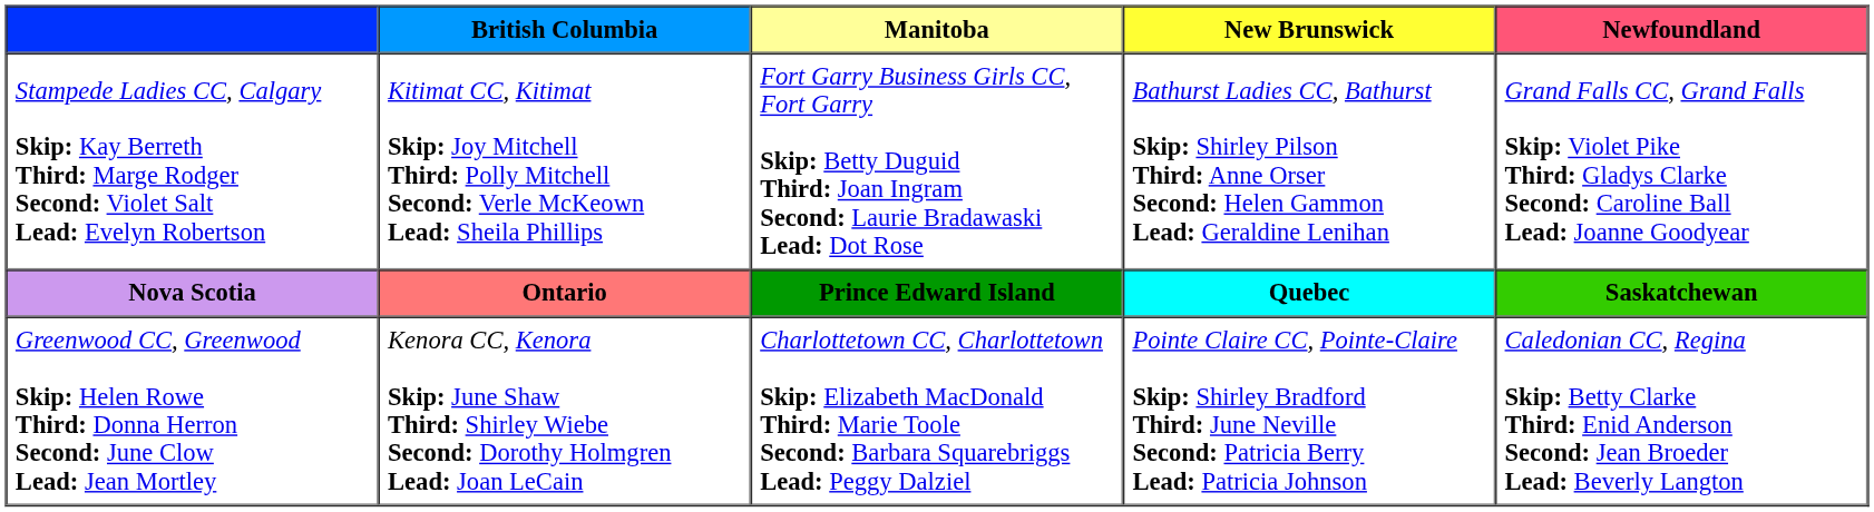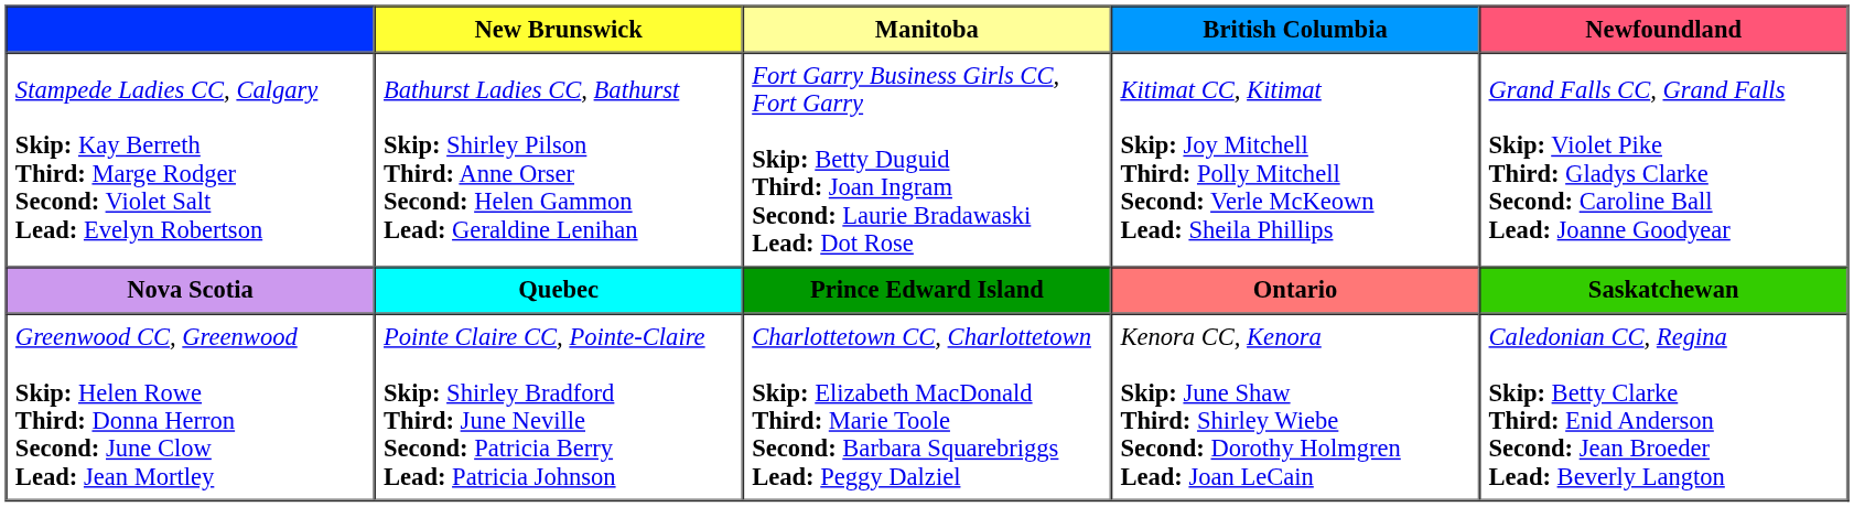 <table border=1 cellpadding=5 cellspacing=0>
 <tr>
 <th bgcolor="#0033ff" width="225"></th>
+<th bgcolor="#ffff33" width="225">New Brunswick</th>
+<th bgcolor="#ffff99" width="225">Manitoba</th>
 <th bgcolor="#0099ff" width="225">British Columbia</th>
-<th bgcolor="#ffff99" width="225">Manitoba</th>
-<th bgcolor="#ffff33" width="225">New Brunswick</th>
 <th bgcolor="#ff5577" width="225">Newfoundland</th>
 </tr>
 <tr>
 <td><em><a href='#'>Stampede Ladies CC</a>, <a href='#'>Calgary</a></em> <br><br><strong>Skip:</strong> <a href='#'>Kay Berreth</a> <br> <strong>Third:</strong> <a href='#'>Marge Rodger</a> <br> <strong>Second:</strong> <a href='#'>Violet Salt</a> <br> <strong>Lead:</strong> <a href='#'>Evelyn Robertson</a></td>
+<td><em><a href='#'>Bathurst Ladies CC</a>, <a href='#'>Bathurst</a></em> <br><br><strong>Skip:</strong> <a href='#'>Shirley Pilson</a> <br> <strong>Third:</strong> <a href='#'>Anne Orser</a> <br> <strong>Second:</strong> <a href='#'>Helen Gammon</a> <br> <strong>Lead:</strong> <a href='#'>Geraldine Lenihan</a></td>
+<td><em><a href='#'>Fort Garry Business Girls CC</a>, <a href='#'>Fort Garry</a></em> <br><br><strong>Skip:</strong> <a href='#'>Betty Duguid</a> <br> <strong>Third:</strong> <a href='#'>Joan Ingram</a> <br> <strong>Second:</strong> <a href='#'>Laurie Bradawaski</a> <br> <strong>Lead:</strong> <a href='#'>Dot Rose</a></td>
 <td><em><a href='#'>Kitimat CC</a>, <a href='#'>Kitimat</a></em> <br><br><strong>Skip:</strong>  <a href='#'>Joy Mitchell</a> <br> <strong>Third:</strong>  <a href='#'>Polly Mitchell</a> <br> <strong>Second:</strong>  <a href='#'>Verle McKeown</a> <br> <strong>Lead:</strong> <a href='#'>Sheila Phillips</a></td>
-<td><em><a href='#'>Fort Garry Business Girls CC</a>, <a href='#'>Fort Garry</a></em> <br><br><strong>Skip:</strong> <a href='#'>Betty Duguid</a> <br> <strong>Third:</strong> <a href='#'>Joan Ingram</a> <br> <strong>Second:</strong> <a href='#'>Laurie Bradawaski</a> <br> <strong>Lead:</strong> <a href='#'>Dot Rose</a></td>
-<td><em><a href='#'>Bathurst Ladies CC</a>, <a href='#'>Bathurst</a></em> <br><br><strong>Skip:</strong> <a href='#'>Shirley Pilson</a> <br> <strong>Third:</strong> <a href='#'>Anne Orser</a> <br> <strong>Second:</strong> <a href='#'>Helen Gammon</a> <br> <strong>Lead:</strong> <a href='#'>Geraldine Lenihan</a></td>
 <td><em><a href='#'>Grand Falls CC</a>, <a href='#'>Grand Falls</a></em> <br><br><strong>Skip:</strong> <a href='#'>Violet Pike</a> <br> <strong>Third:</strong> <a href='#'>Gladys Clarke</a> <br> <strong>Second:</strong> <a href='#'>Caroline Ball</a> <br> <strong>Lead:</strong> <a href='#'>Joanne Goodyear</a></td>
 </tr>
 <tr border=1 cellpadding=5 cellspacing=0>
 <th bgcolor="#cc99ee" width="200">Nova Scotia</th>
+<th bgcolor="#00ffff" width="200">Quebec</th>
+<th bgcolor="#009900" width="200">Prince Edward Island</th>
 <th bgcolor="#ff7777" width="200">Ontario</th>
-<th bgcolor="#009900" width="200">Prince Edward Island</th>
-<th bgcolor="#00ffff" width="200">Quebec</th>
 <th bgcolor="#33cc00" width="200">Saskatchewan</th>
 </tr>
 <tr>
 <td><em><a href='#'>Greenwood CC</a>, <a href='#'>Greenwood</a></em> <br><br><strong>Skip:</strong> <a href='#'>Helen Rowe</a> <br> <strong>Third:</strong> <a href='#'>Donna Herron</a> <br> <strong>Second:</strong> <a href='#'>June Clow</a> <br> <strong>Lead:</strong> <a href='#'>Jean Mortley</a></td>
+<td><em><a href='#'>Pointe Claire CC</a>, <a href='#'>Pointe-Claire</a></em> <br><br><strong>Skip:</strong> <a href='#'>Shirley Bradford</a> <br> <strong>Third:</strong> <a href='#'>June Neville</a> <br> <strong>Second:</strong> <a href='#'>Patricia Berry</a> <br> <strong>Lead:</strong> <a href='#'>Patricia Johnson</a></td>
+<td><em><a href='#'>Charlottetown CC</a>, <a href='#'>Charlottetown</a></em> <br><br><strong>Skip:</strong> <a href='#'>Elizabeth MacDonald</a><br> <strong>Third:</strong> <a href='#'>Marie Toole</a><br> <strong>Second:</strong> <a href='#'>Barbara Squarebriggs</a><br> <strong>Lead:</strong> <a href='#'>Peggy Dalziel</a></td>
 <td><em>Kenora CC, <a href='#'>Kenora</a></em> <br><br><strong>Skip:</strong> <a href='#'>June Shaw</a> <br> <strong>Third:</strong> <a href='#'>Shirley Wiebe</a> <br> <strong>Second:</strong> <a href='#'>Dorothy Holmgren</a> <br> <strong>Lead:</strong> <a href='#'>Joan LeCain</a></td>
-<td><em><a href='#'>Charlottetown CC</a>, <a href='#'>Charlottetown</a></em> <br><br><strong>Skip:</strong> <a href='#'>Elizabeth MacDonald</a><br> <strong>Third:</strong> <a href='#'>Marie Toole</a><br> <strong>Second:</strong> <a href='#'>Barbara Squarebriggs</a><br> <strong>Lead:</strong> <a href='#'>Peggy Dalziel</a></td>
-<td><em><a href='#'>Pointe Claire CC</a>, <a href='#'>Pointe-Claire</a></em> <br><br><strong>Skip:</strong> <a href='#'>Shirley Bradford</a> <br> <strong>Third:</strong> <a href='#'>June Neville</a> <br> <strong>Second:</strong> <a href='#'>Patricia Berry</a> <br> <strong>Lead:</strong> <a href='#'>Patricia Johnson</a></td>
 <td><em><a href='#'>Caledonian CC</a>, <a href='#'>Regina</a></em> <br><br><strong>Skip:</strong> <a href='#'>Betty Clarke</a> <br> <strong>Third:</strong> <a href='#'>Enid Anderson</a><br> <strong>Second:</strong> <a href='#'>Jean Broeder</a><br> <strong>Lead:</strong> <a href='#'>Beverly Langton</a></td>
 </tr>
 </table>
